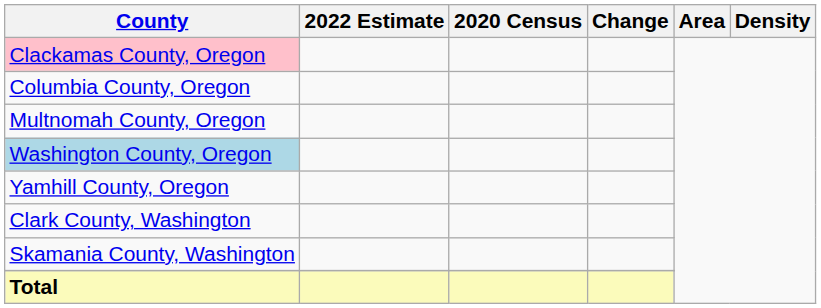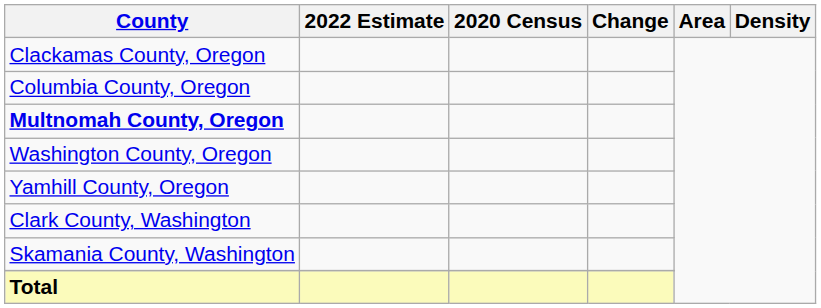 <table class="wikitable sortable">
 <tr>
 <th><a href='#'>County</a></th>
 <th>2022 Estimate</th>
 <th>2020 Census</th>
 <th>Change</th>
 <th>Area</th>
 <th>Density</th>
 </tr>
 <tr>
-<td style="background: pink;"><a href='#'>Clackamas County, Oregon</a></td>
+<td><a href='#'>Clackamas County, Oregon</a></td>
 <td></td>
 <td></td>
 <td></td>
 </tr>
 <tr>
 <td><a href='#'>Columbia County, Oregon</a></td>
 <td></td>
 <td></td>
 <td></td>
 </tr>
 <tr>
-<td><a href='#'>Multnomah County, Oregon</a></td>
+<td><strong><a href='#'>Multnomah County, Oregon</a></strong></td>
 <td></td>
 <td></td>
 <td></td>
 </tr>
 <tr>
-<td style="background: lightblue;"><a href='#'>Washington County, Oregon</a></td>
+<td><a href='#'>Washington County, Oregon</a></td>
 <td></td>
 <td></td>
 <td></td>
 </tr>
 <tr>
 <td><a href='#'>Yamhill County, Oregon</a></td>
 <td></td>
 <td></td>
 <td></td>
 </tr>
 <tr>
 <td><a href='#'>Clark County, Washington</a></td>
 <td></td>
 <td></td>
 <td></td>
 </tr>
 <tr>
 <td><a href='#'>Skamania County, Washington</a></td>
 <td></td>
 <td></td>
 <td></td>
 </tr>
 <tr>
 </tr>
 <tr class=sortbottom style="background:#fbfbbb">
 <td><strong>Total</strong></td>
 <td></td>
 <td></td>
 <td></td>
 </tr>
 </table>
